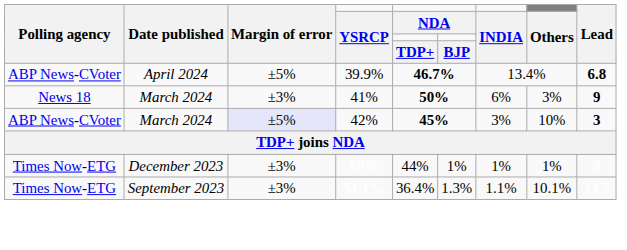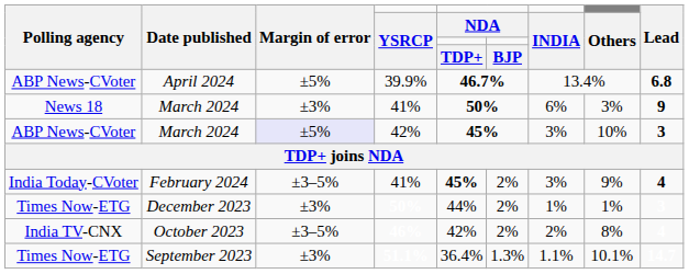 <table class="wikitable sortable" style="text-align:center;font-size:95%;line-height:16px">
 <tr>
 <th rowspan="4">Polling agency</th>
 <th rowspan="4">Date published</th>
 <th rowspan="4">Margin of error</th>
 <td colspan="1"></td>
 <td colspan="2"></td>
 <td colspan="1"></td>
 <td colspan="1" bgcolor="grey"></td>
 <th rowspan="4">Lead</th>
 </tr>
 <tr>
 <th rowspan="3"><a href='#'>YSRCP</a></th>
 <th colspan="2"><a href='#'>NDA</a></th>
 <th rowspan="3"><a href='#'>INDIA</a></th>
 <th rowspan="3">Others</th>
 </tr>
 <tr>
 <td></td>
 <td></td>
 </tr>
 <tr>
 <th rowspan="1"><a href='#'>TDP+</a></th>
 <th rowspan="1"><a href='#'>BJP</a></th>
 </tr>
 <tr>
 <td><a href='#'>ABP News</a>-<a href='#'>CVoter</a></td>
 <td><em>April 2024</em></td>
 <td>±5%</td>
 <td>39.9%</td>
 <td colspan="2"><strong>46.7%</strong></td>
 <td colspan="2">13.4%</td>
 <td><strong>6.8</strong></td>
 </tr>
 <tr>
 <td><a href='#'>News 18</a></td>
 <td><em>March 2024</em></td>
 <td>±3%</td>
 <td>41%</td>
 <td colspan="2"><strong>50%</strong></td>
 <td>6%</td>
 <td>3%</td>
 <td><strong>9</strong></td>
 </tr>
 <tr>
 <td><a href='#'>ABP News</a>-<a href='#'>CVoter</a></td>
 <td><em>March 2024</em></td>
 <td style="background: lavender;">±5%</td>
 <td>42%</td>
 <td colspan="2"><strong>45%</strong></td>
 <td>3%</td>
 <td>10%</td>
 <td><strong>3</strong></td>
 </tr>
 <tr>
 <th colspan="9"><a href='#'>TDP+</a> joins <a href='#'>NDA</a></th>
 </tr>
 <tr>
+<td><a href='#'>India Today</a>-<a href='#'>CVoter</a></td>
+<td><em>February 2024</em></td>
+<td>±3–5%</td>
+<td>41%</td>
+<td><strong>45%</strong></td>
+<td>2%</td>
+<td>3%</td>
+<td>9%</td>
+<td><strong>4</strong></td>
+</tr>
+<tr>
 <td><a href='#'>Times Now</a>-<a href='#'>ETG</a></td>
 <td><em>December 2023</em></td>
 <td>±3%</td>
 <td style="color:white;"><strong>50%</strong></td>
 <td>44%</td>
-<td>1%</td>
+<td>2%</td>
 <td>1%</td>
 <td>1%</td>
 <td style="color:white;"><strong>3</strong></td>
+</tr>
+<tr>
+<td><a href='#'>India TV</a>-CNX</td>
+<td><em>October 2023</em></td>
+<td>±3–5%</td>
+<td style="color:white;"><strong>46%</strong></td>
+<td>42%</td>
+<td>2%</td>
+<td>2%</td>
+<td>8%</td>
+<td style="color:white;"><strong>4</strong></td>
 </tr>
 <tr>
 <td><a href='#'>Times Now</a>-<a href='#'>ETG</a></td>
 <td><em>September 2023</em></td>
 <td>±3%</td>
 <td style="color:white;"><strong>51.1%</strong></td>
 <td>36.4%</td>
 <td>1.3%</td>
 <td>1.1%</td>
 <td>10.1%</td>
 <td style="color:white;"><strong>14.7</strong></td>
 </tr>
 </table>
